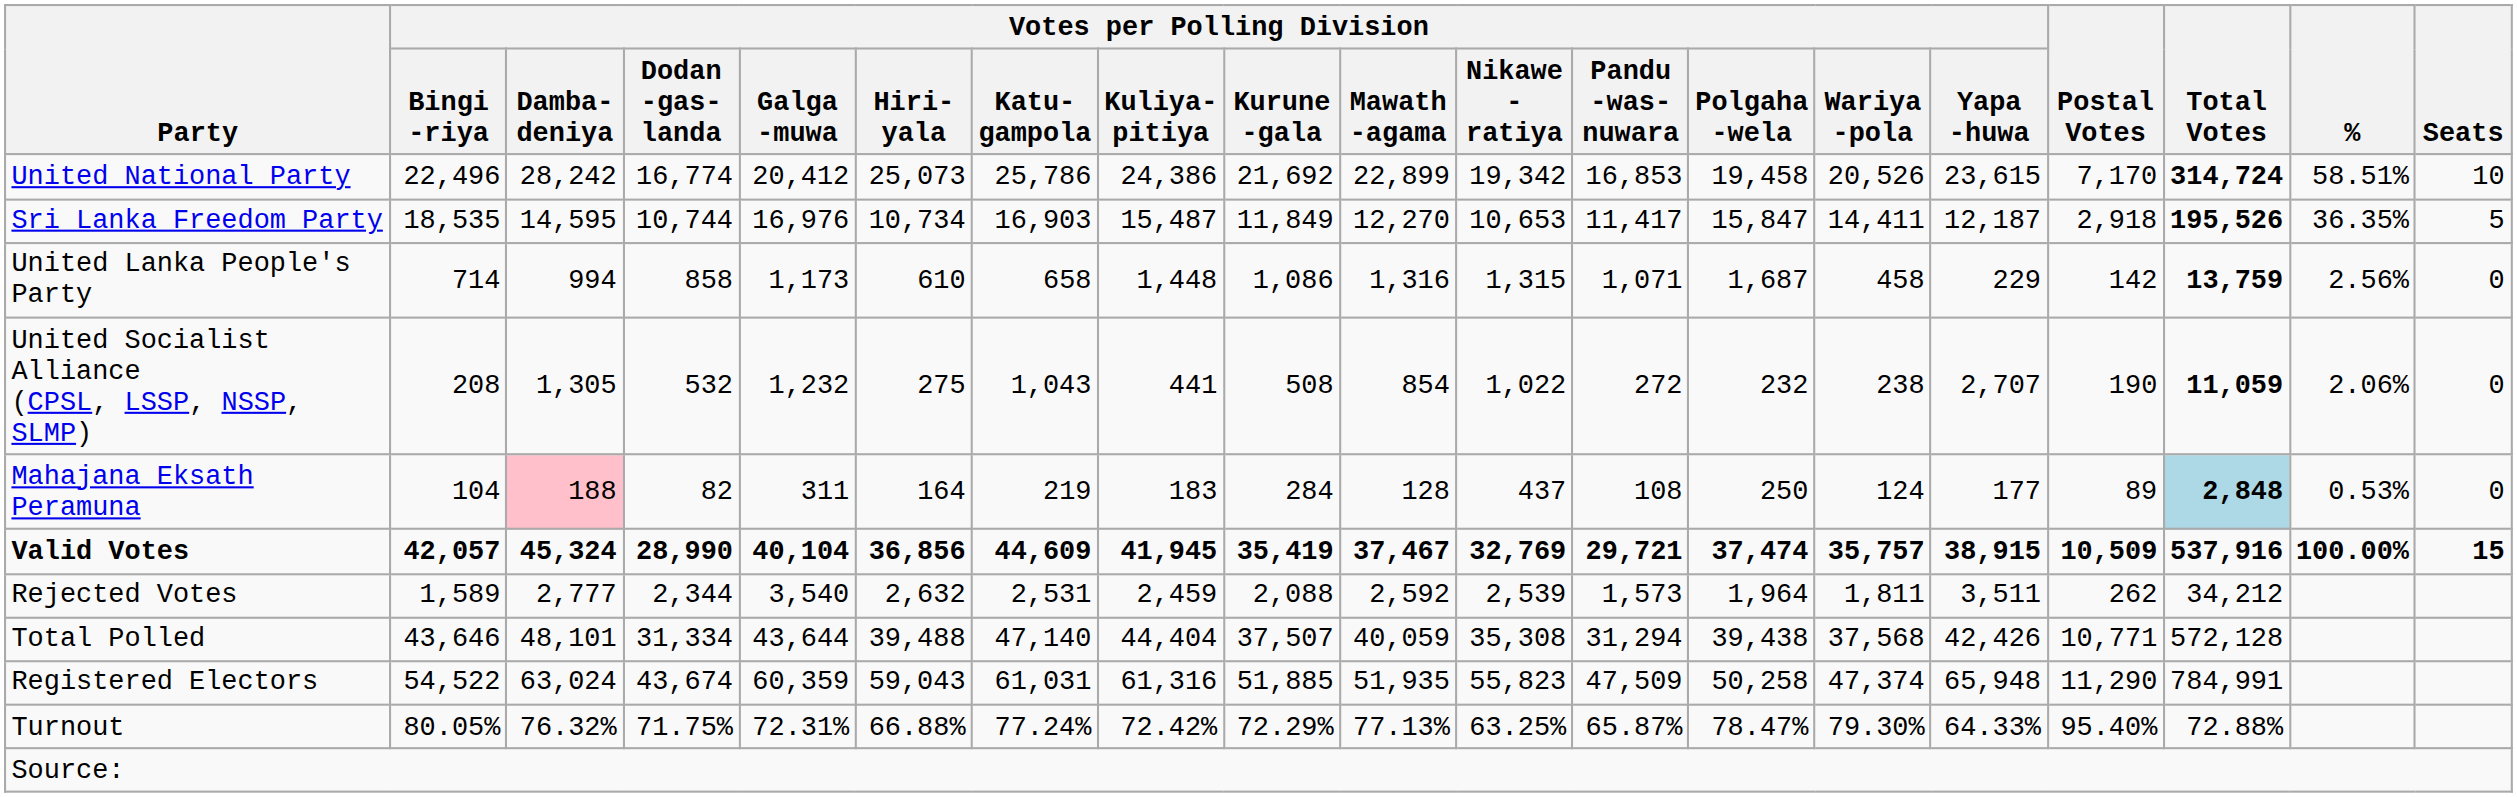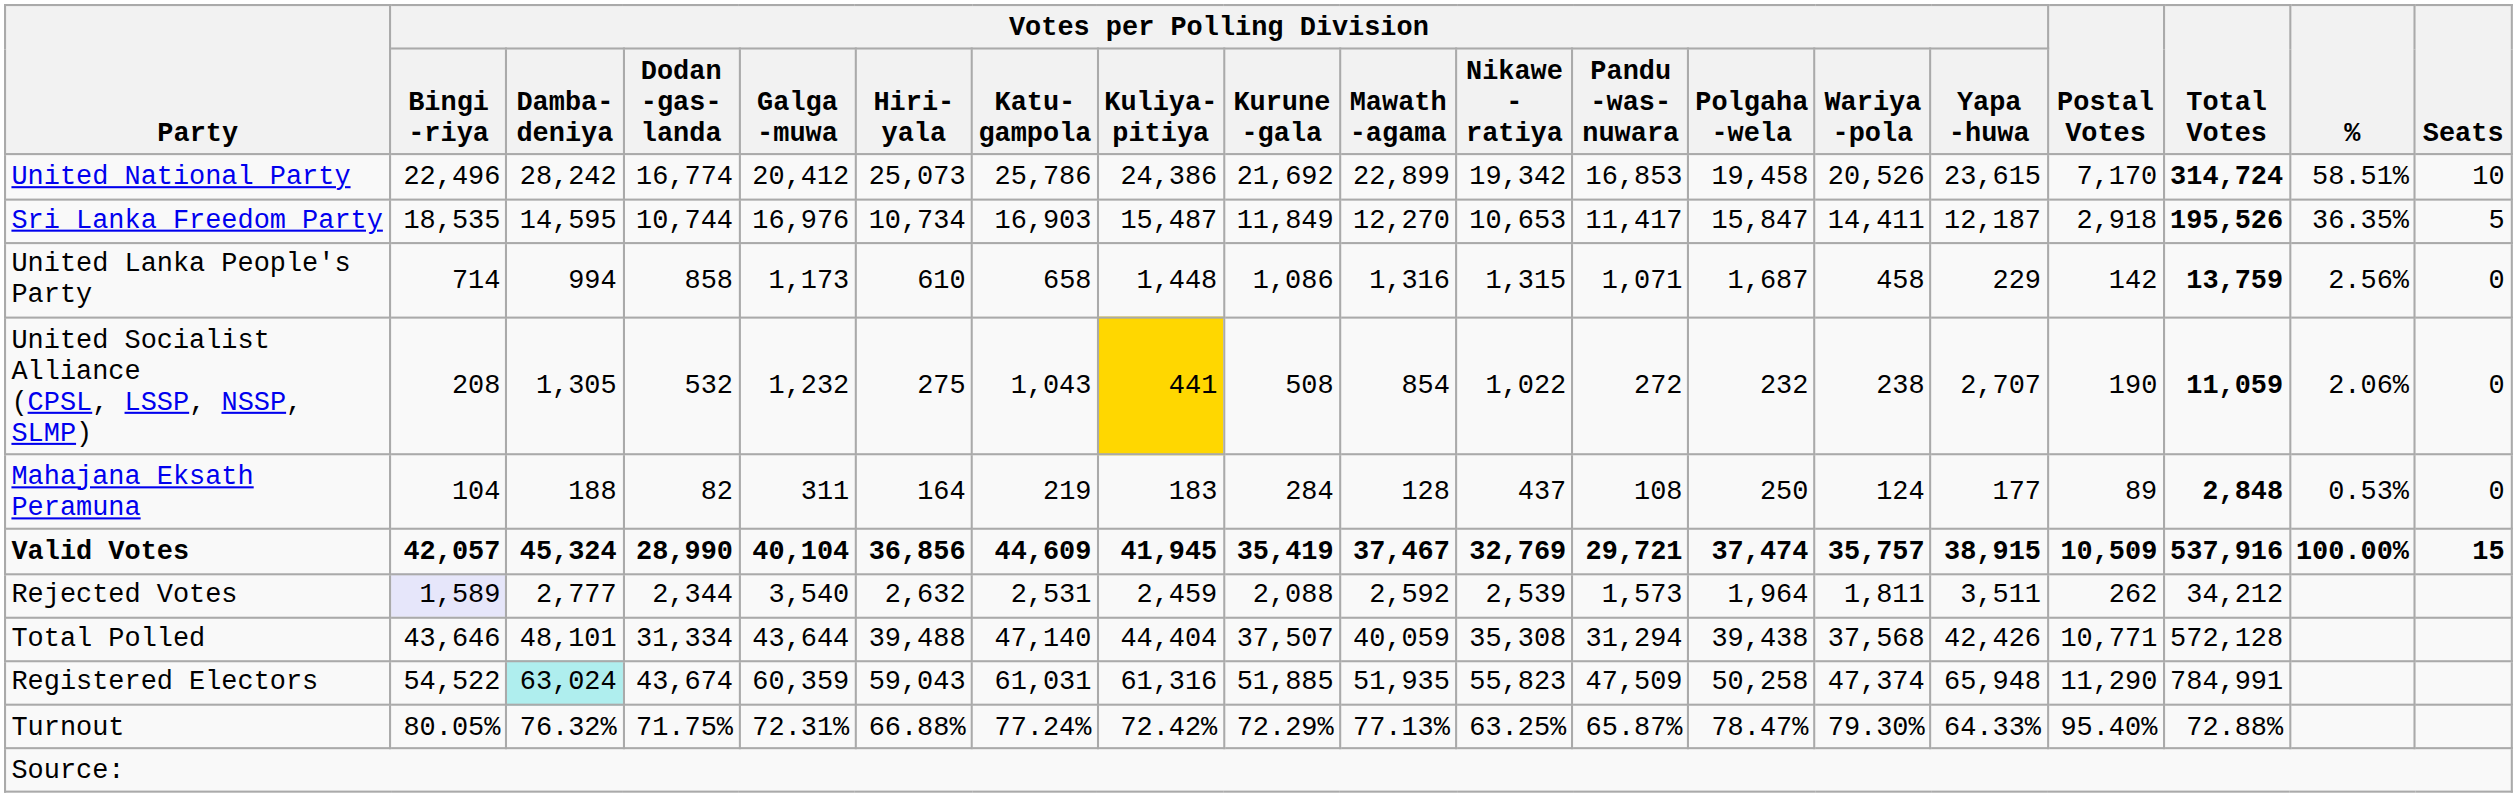 <table class="wikitable" border="1" style="text-align:right;">
 <tr>
 <th align=left valign=bottom rowspan=2 width="180">Party</th>
 <th colspan=14>Votes per Polling Division</th>
 <th align=center valign=bottom rowspan=2 width="50">Postal<br>Votes</th>
 <th align=center valign=bottom rowspan=2 width="50">Total Votes</th>
 <th align=center valign=bottom rowspan=2 width="50">%</th>
 <th align=center valign=bottom rowspan=2 width="40">Seats</th>
 </tr>
 <tr>
 <th align=center valign=bottom width="50">Bingi<br>-riya</th>
 <th align=center valign=bottom width="50">Damba-<br>deniya</th>
 <th align=center valign=bottom width="50">Dodan<br>-gas-<br>landa</th>
 <th align=center valign=bottom width="50">Galga<br>-muwa</th>
 <th align=center valign=bottom width="50">Hiri-<br>yala</th>
 <th align=center valign=bottom width="50">Katu-<br>gampola</th>
 <th align=center valign=bottom width="50">Kuliya-<br>pitiya</th>
 <th align=center valign=bottom width="50">Kurune<br>-gala</th>
 <th align=center valign=bottom width="50">Mawath<br>-agama</th>
 <th align=center valign=bottom width="50">Nikawe<br>-ratiya</th>
 <th align=center valign=bottom width="50">Pandu<br>-was-<br>nuwara</th>
 <th align=center valign=bottom width="50">Polgaha<br>-wela</th>
 <th align=center valign=bottom width="50">Wariya<br>-pola</th>
 <th align=center valign=bottom width="50">Yapa<br>-huwa</th>
 </tr>
 <tr>
 <td align=left><a href='#'>United National Party</a></td>
 <td>22,496</td>
 <td>28,242</td>
 <td>16,774</td>
 <td>20,412</td>
 <td>25,073</td>
 <td>25,786</td>
 <td>24,386</td>
 <td>21,692</td>
 <td>22,899</td>
 <td>19,342</td>
 <td>16,853</td>
 <td>19,458</td>
 <td>20,526</td>
 <td>23,615</td>
 <td>7,170</td>
 <td><strong>314,724</strong></td>
 <td>58.51%</td>
 <td>10</td>
 </tr>
 <tr>
 <td align=left><a href='#'>Sri Lanka Freedom Party</a></td>
 <td>18,535</td>
 <td>14,595</td>
 <td>10,744</td>
 <td>16,976</td>
 <td>10,734</td>
 <td>16,903</td>
 <td>15,487</td>
 <td>11,849</td>
 <td>12,270</td>
 <td>10,653</td>
 <td>11,417</td>
 <td>15,847</td>
 <td>14,411</td>
 <td>12,187</td>
 <td>2,918</td>
 <td><strong>195,526</strong></td>
 <td>36.35%</td>
 <td>5</td>
 </tr>
 <tr>
 <td align=left>United Lanka People's Party</td>
 <td>714</td>
 <td>994</td>
 <td>858</td>
 <td>1,173</td>
 <td>610</td>
 <td>658</td>
 <td>1,448</td>
 <td>1,086</td>
 <td>1,316</td>
 <td>1,315</td>
 <td>1,071</td>
 <td>1,687</td>
 <td>458</td>
 <td>229</td>
 <td>142</td>
 <td><strong>13,759</strong></td>
 <td>2.56%</td>
 <td>0</td>
 </tr>
 <tr>
 <td align=left>United Socialist Alliance<br>(<a href='#'>CPSL</a>, <a href='#'>LSSP</a>, <a href='#'>NSSP</a>, <a href='#'>SLMP</a>)</td>
 <td>208</td>
 <td>1,305</td>
 <td>532</td>
 <td>1,232</td>
 <td>275</td>
 <td>1,043</td>
-<td>441</td>
+<td style="background: gold;">441</td>
 <td>508</td>
 <td>854</td>
 <td>1,022</td>
 <td>272</td>
 <td>232</td>
 <td>238</td>
 <td>2,707</td>
 <td>190</td>
 <td><strong>11,059</strong></td>
 <td>2.06%</td>
 <td>0</td>
 </tr>
 <tr>
 <td align=left><a href='#'>Mahajana Eksath Peramuna</a></td>
 <td>104</td>
-<td style="background: pink;">188</td>
+<td>188</td>
 <td>82</td>
 <td>311</td>
 <td>164</td>
 <td>219</td>
 <td>183</td>
 <td>284</td>
 <td>128</td>
 <td>437</td>
 <td>108</td>
 <td>250</td>
 <td>124</td>
 <td>177</td>
 <td>89</td>
-<td style="background: lightblue;"><strong>2,848</strong></td>
+<td><strong>2,848</strong></td>
 <td>0.53%</td>
 <td>0</td>
 </tr>
 <tr>
 <td align=left><strong>Valid Votes</strong></td>
 <td><strong>42,057</strong></td>
 <td><strong>45,324</strong></td>
 <td><strong>28,990</strong></td>
 <td><strong>40,104</strong></td>
 <td><strong>36,856</strong></td>
 <td><strong>44,609</strong></td>
 <td><strong>41,945</strong></td>
 <td><strong>35,419</strong></td>
 <td><strong>37,467</strong></td>
 <td><strong>32,769</strong></td>
 <td><strong>29,721</strong></td>
 <td><strong>37,474</strong></td>
 <td><strong>35,757</strong></td>
 <td><strong>38,915</strong></td>
 <td><strong>10,509</strong></td>
 <td><strong>537,916</strong></td>
 <td><strong>100.00%</strong></td>
 <td><strong>15</strong></td>
 </tr>
 <tr>
 <td align=left>Rejected Votes</td>
-<td>1,589</td>
+<td style="background: lavender;">1,589</td>
 <td>2,777</td>
 <td>2,344</td>
 <td>3,540</td>
 <td>2,632</td>
 <td>2,531</td>
 <td>2,459</td>
 <td>2,088</td>
 <td>2,592</td>
 <td>2,539</td>
 <td>1,573</td>
 <td>1,964</td>
 <td>1,811</td>
 <td>3,511</td>
 <td>262</td>
 <td>34,212</td>
 <td></td>
 <td></td>
 </tr>
 <tr>
 <td align=left>Total Polled</td>
 <td>43,646</td>
 <td>48,101</td>
 <td>31,334</td>
 <td>43,644</td>
 <td>39,488</td>
 <td>47,140</td>
 <td>44,404</td>
 <td>37,507</td>
 <td>40,059</td>
 <td>35,308</td>
 <td>31,294</td>
 <td>39,438</td>
 <td>37,568</td>
 <td>42,426</td>
 <td>10,771</td>
 <td>572,128</td>
 <td></td>
 <td></td>
 </tr>
 <tr>
 <td align=left>Registered Electors</td>
 <td>54,522</td>
-<td>63,024</td>
+<td style="background: paleturquoise;">63,024</td>
 <td>43,674</td>
 <td>60,359</td>
 <td>59,043</td>
 <td>61,031</td>
 <td>61,316</td>
 <td>51,885</td>
 <td>51,935</td>
 <td>55,823</td>
 <td>47,509</td>
 <td>50,258</td>
 <td>47,374</td>
 <td>65,948</td>
 <td>11,290</td>
 <td>784,991</td>
 <td></td>
 <td></td>
 </tr>
 <tr>
 <td align=left>Turnout</td>
 <td>80.05%</td>
 <td>76.32%</td>
 <td>71.75%</td>
 <td>72.31%</td>
 <td>66.88%</td>
 <td>77.24%</td>
 <td>72.42%</td>
 <td>72.29%</td>
 <td>77.13%</td>
 <td>63.25%</td>
 <td>65.87%</td>
 <td>78.47%</td>
 <td>79.30%</td>
 <td>64.33%</td>
 <td>95.40%</td>
 <td>72.88%</td>
 <td></td>
 <td></td>
 </tr>
 <tr>
 <td align=left colspan=20>Source:</td>
 </tr>
 </table>
